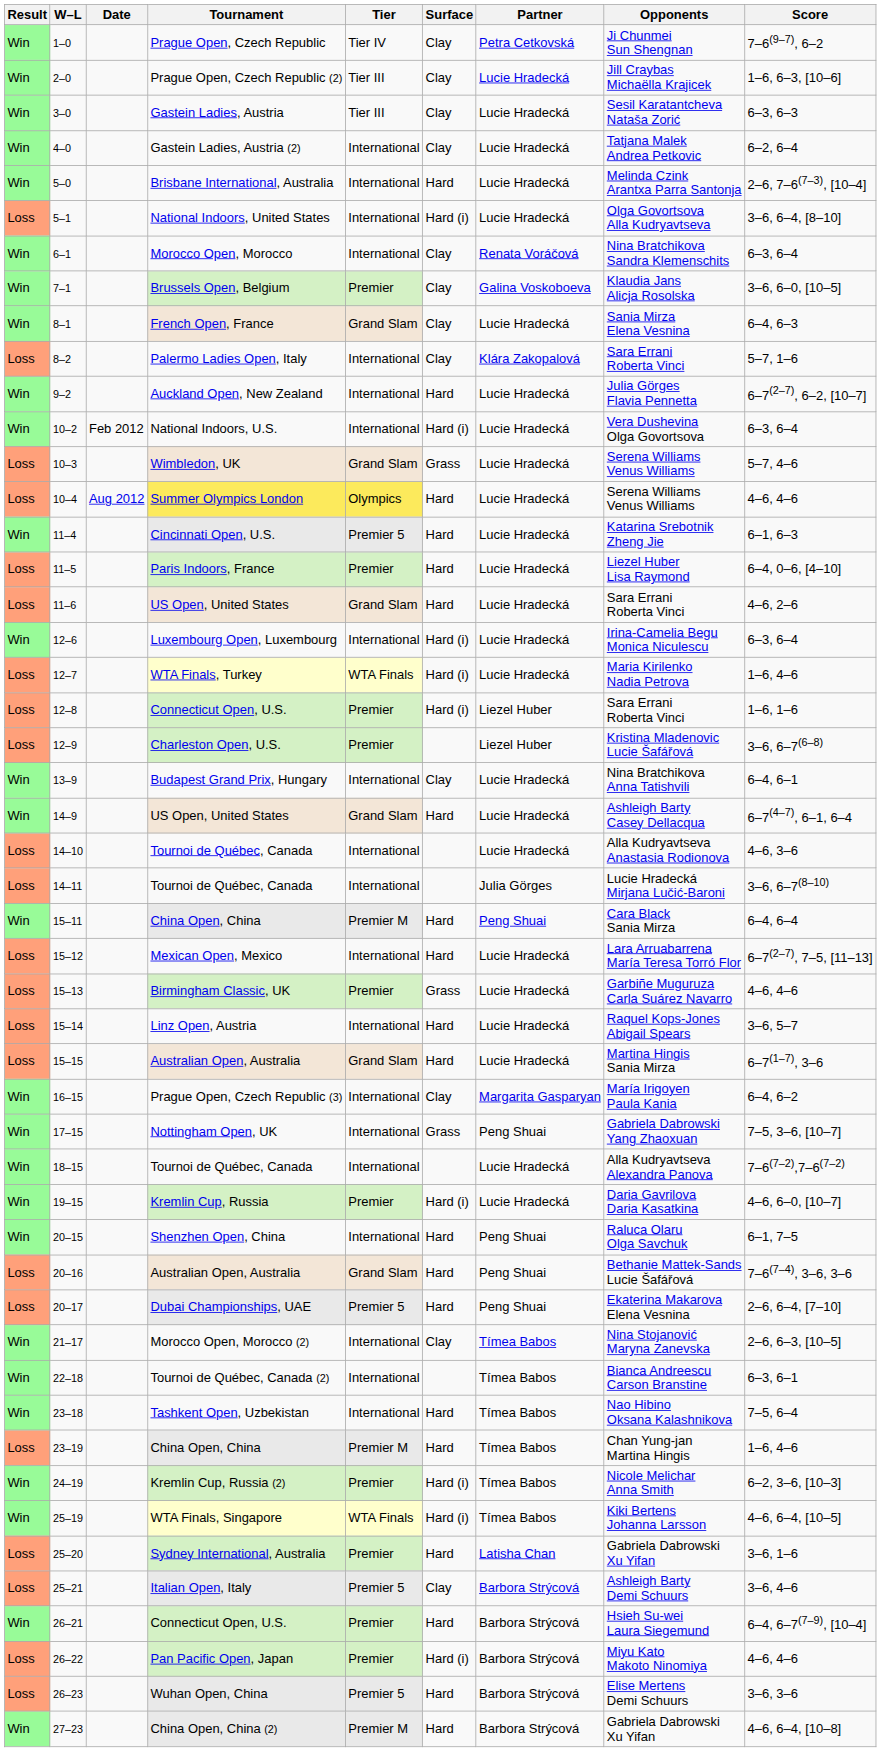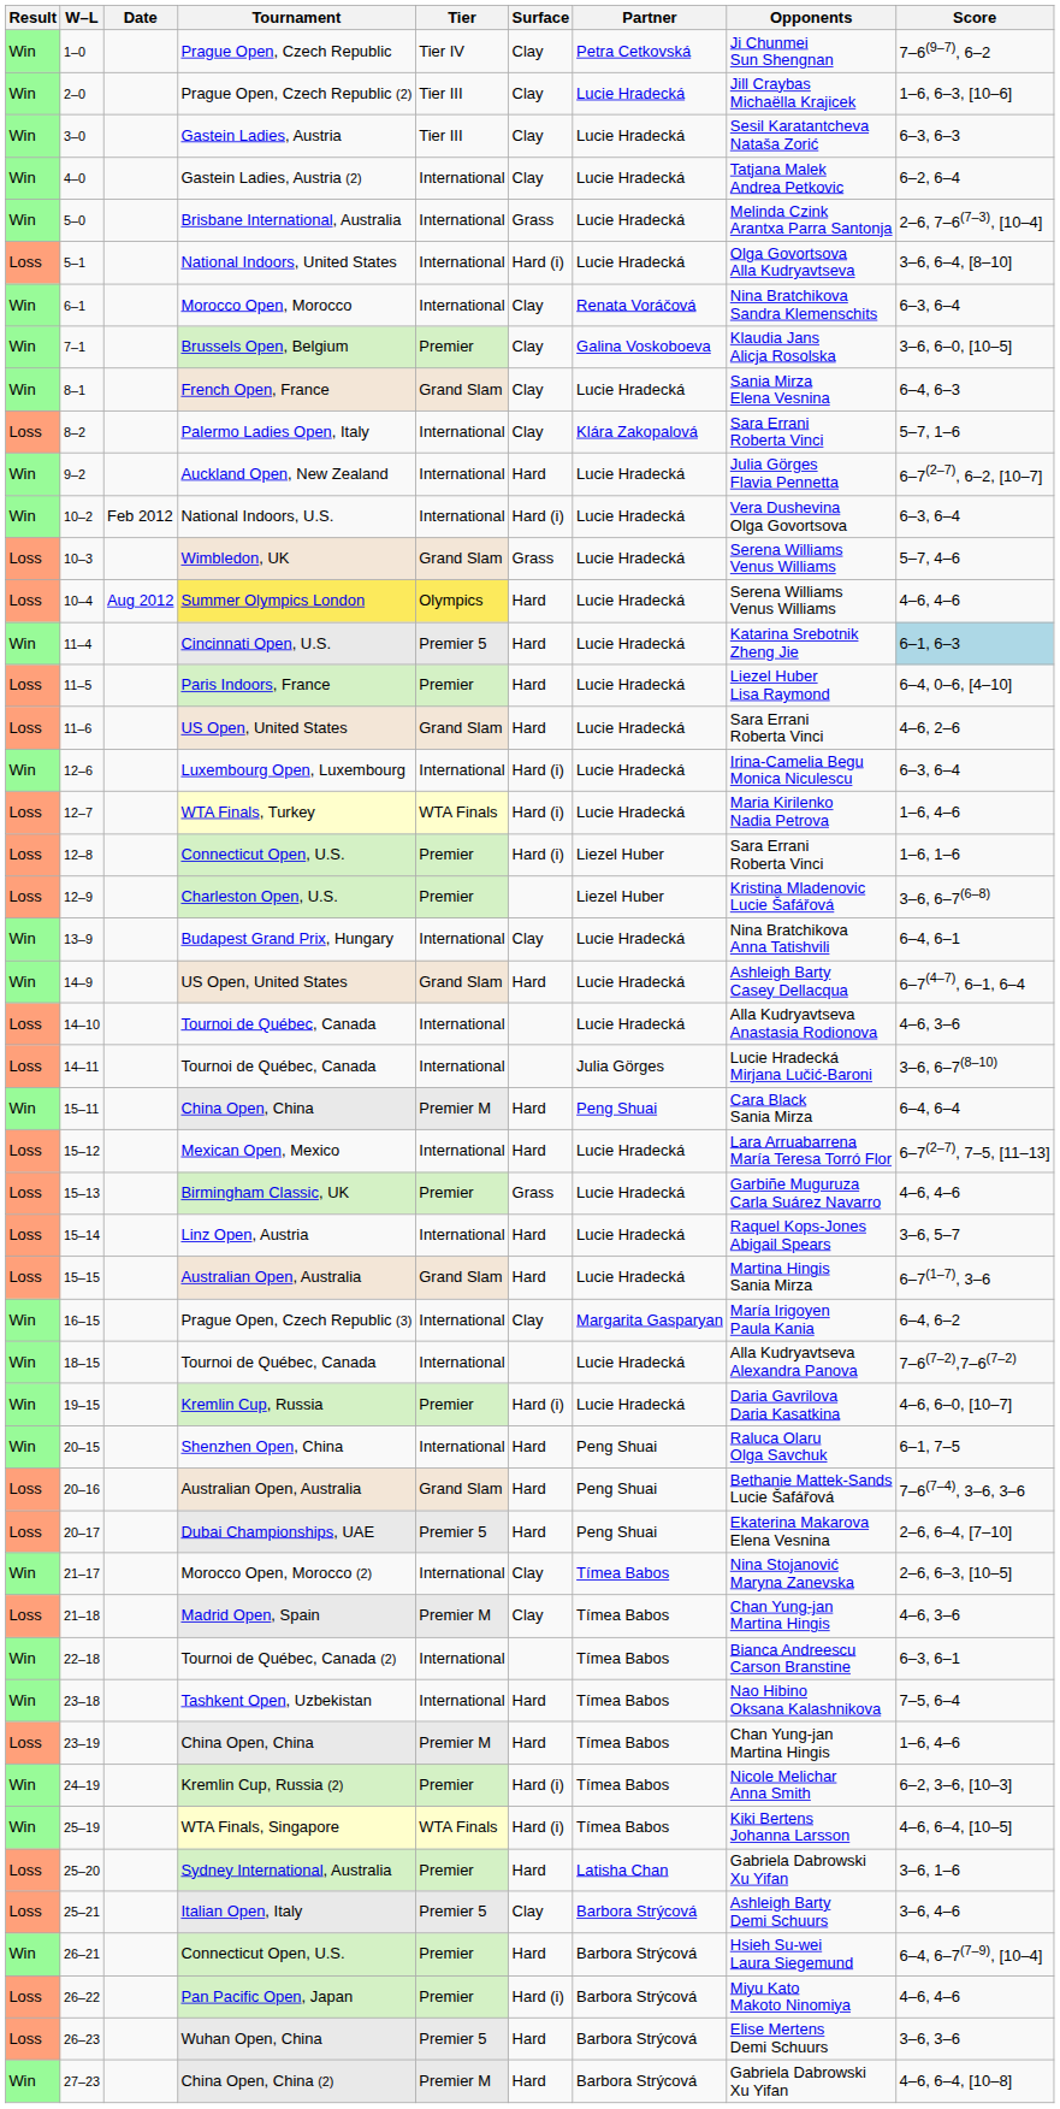 <table class="sortable wikitable">
 <tr>
 <th>Result</th>
 <th class="unsortable">W–L</th>
 <th>Date</th>
 <th>Tournament</th>
 <th>Tier</th>
 <th>Surface</th>
 <th>Partner</th>
 <th>Opponents</th>
 <th class="unsortable">Score</th>
 </tr>
 <tr>
 <td style="background:#98fb98;">Win</td>
 <td><small>1–0</small></td>
 <td><a href='#'></a></td>
 <td><a href='#'>Prague Open</a>, Czech Republic</td>
 <td>Tier IV</td>
 <td>Clay</td>
 <td> <a href='#'>Petra Cetkovská</a></td>
 <td> <a href='#'>Ji Chunmei</a> <br>  <a href='#'>Sun Shengnan</a></td>
 <td>7–6<sup>(9–7)</sup>, 6–2</td>
 </tr>
 <tr>
 <td style="background:#98fb98;">Win</td>
 <td><small>2–0</small></td>
 <td><a href='#'></a></td>
 <td>Prague Open, Czech Republic <small>(2)</small></td>
 <td>Tier III</td>
 <td>Clay</td>
 <td> <a href='#'>Lucie Hradecká</a></td>
 <td> <a href='#'>Jill Craybas</a> <br>  <a href='#'>Michaëlla Krajicek</a></td>
 <td>1–6, 6–3, [10–6]</td>
 </tr>
 <tr>
 <td style="background:#98fb98;">Win</td>
 <td><small>3–0</small></td>
 <td><a href='#'></a></td>
 <td><a href='#'>Gastein Ladies</a>, Austria</td>
 <td>Tier III</td>
 <td>Clay</td>
 <td> Lucie Hradecká</td>
 <td> <a href='#'>Sesil Karatantcheva</a> <br>  <a href='#'>Nataša Zorić</a></td>
 <td>6–3, 6–3</td>
 </tr>
 <tr>
 <td style="background:#98fb98;">Win</td>
 <td><small>4–0</small></td>
 <td><a href='#'></a></td>
 <td>Gastein Ladies, Austria <small>(2)</small></td>
 <td>International</td>
 <td>Clay</td>
 <td> Lucie Hradecká</td>
 <td> <a href='#'>Tatjana Malek</a> <br>  <a href='#'>Andrea Petkovic</a></td>
 <td>6–2, 6–4</td>
 </tr>
 <tr>
 <td style="background:#98fb98;">Win</td>
 <td><small>5–0</small></td>
 <td><a href='#'></a></td>
 <td><a href='#'>Brisbane International</a>, Australia</td>
 <td>International</td>
-<td>Hard</td>
+<td>Grass</td>
 <td> Lucie Hradecká</td>
 <td> <a href='#'>Melinda Czink</a> <br>  <a href='#'>Arantxa Parra Santonja</a></td>
 <td>2–6, 7–6<sup>(7–3)</sup>, [10–4]</td>
 </tr>
 <tr>
 <td style="background:#ffa07a;">Loss</td>
 <td><small>5–1</small></td>
 <td></td>
 <td><a href='#'>National Indoors</a>, United States</td>
 <td>International</td>
 <td>Hard (i)</td>
 <td> Lucie Hradecká</td>
 <td> <a href='#'>Olga Govortsova</a> <br>  <a href='#'>Alla Kudryavtseva</a></td>
 <td>3–6, 6–4, [8–10]</td>
 </tr>
 <tr>
 <td style="background:#98fb98;">Win</td>
 <td><small>6–1</small></td>
 <td><a href='#'></a></td>
 <td><a href='#'>Morocco Open</a>, Morocco</td>
 <td>International</td>
 <td>Clay</td>
 <td> <a href='#'>Renata Voráčová</a></td>
 <td> <a href='#'>Nina Bratchikova</a> <br>  <a href='#'>Sandra Klemenschits</a></td>
 <td>6–3, 6–4</td>
 </tr>
 <tr>
 <td style="background:#98fb98;">Win</td>
 <td><small>7–1</small></td>
 <td><a href='#'></a></td>
 <td style="background:#d4f1c5;"><a href='#'>Brussels Open</a>, Belgium</td>
 <td style="background:#d4f1c5;">Premier</td>
 <td>Clay</td>
 <td> <a href='#'>Galina Voskoboeva</a></td>
 <td> <a href='#'>Klaudia Jans</a> <br>  <a href='#'>Alicja Rosolska</a></td>
 <td>3–6, 6–0, [10–5]</td>
 </tr>
 <tr>
 <td style="background:#98fb98;">Win</td>
 <td><small>8–1</small></td>
 <td><a href='#'></a></td>
 <td style="background:#f3e6d7;"><a href='#'>French Open</a>, France</td>
 <td style="background:#f3e6d7;">Grand Slam</td>
 <td>Clay</td>
 <td> Lucie Hradecká</td>
 <td> <a href='#'>Sania Mirza</a> <br>  <a href='#'>Elena Vesnina</a></td>
 <td>6–4, 6–3</td>
 </tr>
 <tr>
 <td style="background:#ffa07a;">Loss</td>
 <td><small>8–2</small></td>
 <td><a href='#'></a></td>
 <td><a href='#'>Palermo Ladies Open</a>, Italy</td>
 <td>International</td>
 <td>Clay</td>
 <td> <a href='#'>Klára Zakopalová</a></td>
 <td> <a href='#'>Sara Errani</a> <br>  <a href='#'>Roberta Vinci</a></td>
 <td>5–7, 1–6</td>
 </tr>
 <tr>
 <td style="background:#98fb98;">Win</td>
 <td><small>9–2</small></td>
 <td><a href='#'></a></td>
 <td><a href='#'>Auckland Open</a>, New Zealand</td>
 <td>International</td>
 <td>Hard</td>
 <td> Lucie Hradecká</td>
 <td> <a href='#'>Julia Görges</a> <br>  <a href='#'>Flavia Pennetta</a></td>
 <td>6–7<sup>(2–7)</sup>, 6–2, [10–7]</td>
 </tr>
 <tr>
 <td style="background:#98fb98;">Win</td>
 <td><small>10–2</small></td>
 <td>Feb 2012</td>
 <td>National Indoors, U.S.</td>
 <td>International</td>
 <td>Hard (i)</td>
 <td> Lucie Hradecká</td>
 <td> <a href='#'>Vera Dushevina</a> <br>  Olga Govortsova</td>
 <td>6–3, 6–4</td>
 </tr>
 <tr>
 <td style="background:#ffa07a;">Loss</td>
 <td><small>10–3</small></td>
 <td><a href='#'></a></td>
 <td style="background:#f3e6d7;"><a href='#'>Wimbledon</a>, UK</td>
 <td style="background:#f3e6d7;">Grand Slam</td>
 <td>Grass</td>
 <td> Lucie Hradecká</td>
 <td> <a href='#'>Serena Williams</a> <br>  <a href='#'>Venus Williams</a></td>
 <td>5–7, 4–6</td>
 </tr>
 <tr>
 <td bgcolor=ffa07a>Loss</td>
 <td><small>10–4</small></td>
 <td><a href='#'>Aug 2012</a></td>
 <td style="background:#fcea5c;"><a href='#'>Summer Olympics London</a></td>
 <td style="background:#fcea5c;">Olympics</td>
 <td>Hard</td>
 <td> Lucie Hradecká</td>
 <td> Serena Williams <br>  Venus Williams</td>
 <td>4–6, 4–6</td>
 </tr>
 <tr>
 <td style="background:#98fb98;">Win</td>
 <td><small>11–4</small></td>
 <td><a href='#'></a></td>
 <td style="background:#e9e9e9;"><a href='#'>Cincinnati Open</a>, U.S.</td>
 <td style="background:#e9e9e9;">Premier 5</td>
 <td>Hard</td>
 <td> Lucie Hradecká</td>
 <td> <a href='#'>Katarina Srebotnik</a> <br>  <a href='#'>Zheng Jie</a></td>
-<td>6–1, 6–3</td>
+<td style="background: lightblue;">6–1, 6–3</td>
 </tr>
 <tr>
 <td style="background:#ffa07a;">Loss</td>
 <td><small>11–5</small></td>
 <td><a href='#'></a></td>
 <td style="background:#d4f1c5;"><a href='#'>Paris Indoors</a>, France</td>
 <td style="background:#d4f1c5;">Premier</td>
 <td>Hard</td>
 <td> Lucie Hradecká</td>
 <td> <a href='#'>Liezel Huber</a> <br>  <a href='#'>Lisa Raymond</a></td>
 <td>6–4, 0–6, [4–10]</td>
 </tr>
 <tr>
 <td style="background:#ffa07a;">Loss</td>
 <td><small>11–6</small></td>
 <td><a href='#'></a></td>
 <td style="background:#f3e6d7;"><a href='#'>US Open</a>, United States</td>
 <td style="background:#f3e6d7;">Grand Slam</td>
 <td>Hard</td>
 <td> Lucie Hradecká</td>
 <td> Sara Errani <br>  Roberta Vinci</td>
 <td>4–6, 2–6</td>
 </tr>
 <tr>
 <td style="background:#98fb98;">Win</td>
 <td><small>12–6</small></td>
 <td><a href='#'></a></td>
 <td><a href='#'>Luxembourg Open</a>, Luxembourg</td>
 <td>International</td>
 <td>Hard (i)</td>
 <td> Lucie Hradecká</td>
 <td> <a href='#'>Irina-Camelia Begu</a> <br>  <a href='#'>Monica Niculescu</a></td>
 <td>6–3, 6–4</td>
 </tr>
 <tr>
 <td style="background:#ffa07a;">Loss</td>
 <td><small>12–7</small></td>
 <td><a href='#'></a></td>
 <td style="background:#ffc;"><a href='#'>WTA Finals</a>, Turkey</td>
 <td style="background:#ffc;">WTA Finals</td>
 <td>Hard (i)</td>
 <td> Lucie Hradecká</td>
 <td> <a href='#'>Maria Kirilenko</a> <br>  <a href='#'>Nadia Petrova</a></td>
 <td>1–6, 4–6</td>
 </tr>
 <tr>
 <td style="background:#ffa07a;">Loss</td>
 <td><small>12–8</small></td>
 <td><a href='#'></a></td>
 <td style="background:#d4f1c5;"><a href='#'>Connecticut Open</a>, U.S.</td>
 <td style="background:#d4f1c5;">Premier</td>
 <td>Hard (i)</td>
 <td> Liezel Huber</td>
 <td> Sara Errani <br>  Roberta Vinci</td>
 <td>1–6, 1–6</td>
 </tr>
 <tr>
 <td style="background:#ffa07a;">Loss</td>
 <td><small>12–9</small></td>
 <td><a href='#'></a></td>
 <td style="background:#d4f1c5;"><a href='#'>Charleston Open</a>, U.S.</td>
 <td style="background:#d4f1c5;">Premier</td>
 <td></td>
 <td> Liezel Huber</td>
 <td> <a href='#'>Kristina Mladenovic</a> <br>  <a href='#'>Lucie Šafářová</a></td>
 <td>3–6, 6–7<sup>(6–8)</sup></td>
 </tr>
 <tr>
 <td style="background:#98fb98;">Win</td>
 <td><small>13–9</small></td>
 <td><a href='#'></a></td>
 <td><a href='#'>Budapest Grand Prix</a>, Hungary</td>
 <td>International</td>
 <td>Clay</td>
 <td> Lucie Hradecká</td>
 <td> Nina Bratchikova <br>  <a href='#'>Anna Tatishvili</a></td>
 <td>6–4, 6–1</td>
 </tr>
 <tr>
 <td style="background:#98fb98;">Win</td>
 <td><small>14–9</small></td>
 <td><a href='#'></a></td>
 <td style="background:#f3e6d7;">US Open, United States</td>
 <td style="background:#f3e6d7;">Grand Slam</td>
 <td>Hard</td>
 <td> Lucie Hradecká</td>
 <td> <a href='#'>Ashleigh Barty</a> <br>  <a href='#'>Casey Dellacqua</a></td>
 <td>6–7<sup>(4–7)</sup>, 6–1, 6–4</td>
 </tr>
 <tr>
 <td style="background:#ffa07a;">Loss</td>
 <td><small>14–10</small></td>
 <td><a href='#'></a></td>
 <td><a href='#'>Tournoi de Québec</a>, Canada</td>
 <td>International</td>
 <td></td>
 <td> Lucie Hradecká</td>
 <td> Alla Kudryavtseva <br>  <a href='#'>Anastasia Rodionova</a></td>
 <td>4–6, 3–6</td>
 </tr>
 <tr>
 <td style="background:#ffa07a;">Loss</td>
 <td><small>14–11</small></td>
 <td><a href='#'></a></td>
 <td>Tournoi de Québec, Canada</td>
 <td>International</td>
 <td></td>
 <td> Julia Görges</td>
 <td> Lucie Hradecká <br>  <a href='#'>Mirjana Lučić-Baroni</a></td>
 <td>3–6, 6–7<sup>(8–10)</sup></td>
 </tr>
 <tr>
 <td style="background:#98fb98;">Win</td>
 <td><small>15–11</small></td>
 <td><a href='#'></a></td>
 <td style="background:#e9e9e9;"><a href='#'>China Open</a>, China</td>
 <td style="background:#e9e9e9;">Premier M</td>
 <td>Hard</td>
 <td> <a href='#'>Peng Shuai</a></td>
 <td> <a href='#'>Cara Black</a> <br>  Sania Mirza</td>
 <td>6–4, 6–4</td>
 </tr>
 <tr>
 <td style="background:#ffa07a;">Loss</td>
 <td><small>15–12</small></td>
 <td><a href='#'></a></td>
 <td><a href='#'>Mexican Open</a>, Mexico</td>
 <td>International</td>
 <td>Hard</td>
 <td> Lucie Hradecká</td>
 <td> <a href='#'>Lara Arruabarrena</a> <br>  <a href='#'>María Teresa Torró Flor</a></td>
 <td>6–7<sup>(2–7)</sup>, 7–5, [11–13]</td>
 </tr>
 <tr>
 <td style="background:#ffa07a;">Loss</td>
 <td><small>15–13</small></td>
 <td><a href='#'></a></td>
 <td bgcolor=d4f1c5><a href='#'>Birmingham Classic</a>, UK</td>
 <td bgcolor=d4f1c5>Premier</td>
 <td>Grass</td>
 <td> Lucie Hradecká</td>
 <td> <a href='#'>Garbiñe Muguruza</a> <br>  <a href='#'>Carla Suárez Navarro</a></td>
 <td>4–6, 4–6</td>
 </tr>
 <tr>
 <td style="background:#ffa07a;">Loss</td>
 <td><small>15–14</small></td>
 <td><a href='#'></a></td>
 <td><a href='#'>Linz Open</a>, Austria</td>
 <td>International</td>
 <td>Hard</td>
 <td> Lucie Hradecká</td>
 <td> <a href='#'>Raquel Kops-Jones</a> <br>  <a href='#'>Abigail Spears</a></td>
 <td>3–6, 5–7</td>
 </tr>
 <tr>
 <td style="background:#ffa07a;">Loss</td>
 <td><small>15–15</small></td>
 <td><a href='#'></a></td>
 <td bgcolor=f3e6d7><a href='#'>Australian Open</a>, Australia</td>
 <td bgcolor=f3e6d7>Grand Slam</td>
 <td>Hard</td>
 <td> Lucie Hradecká</td>
 <td> <a href='#'>Martina Hingis</a> <br>  Sania Mirza</td>
 <td>6–7<sup>(1–7)</sup>, 3–6</td>
 </tr>
 <tr>
 <td style="background:#98fb98;">Win</td>
 <td><small>16–15</small></td>
 <td><a href='#'></a></td>
 <td>Prague Open, Czech Republic <small>(3)</small></td>
 <td>International</td>
 <td>Clay</td>
 <td> <a href='#'>Margarita Gasparyan</a></td>
 <td> <a href='#'>María Irigoyen</a> <br>  <a href='#'>Paula Kania</a></td>
 <td>6–4, 6–2</td>
 </tr>
 <tr>
-<td bgcolor=98fb98>Win</td>
-<td><small>17–15</small></td>
-<td><a href='#'></a></td>
-<td><a href='#'>Nottingham Open</a>, UK</td>
-<td>International</td>
-<td>Grass</td>
-<td> Peng Shuai</td>
-<td> <a href='#'>Gabriela Dabrowski</a> <br>  <a href='#'>Yang Zhaoxuan</a></td>
-<td>7–5, 3–6, [10–7]</td>
-</tr>
-<tr>
 <td style="background:#98fb98;">Win</td>
 <td><small>18–15</small></td>
 <td><a href='#'></a></td>
 <td>Tournoi de Québec, Canada</td>
 <td>International</td>
 <td></td>
 <td> Lucie Hradecká</td>
 <td> Alla Kudryavtseva <br>  <a href='#'>Alexandra Panova</a></td>
 <td>7–6<sup>(7–2)</sup>,7–6<sup>(7–2)</sup></td>
 </tr>
 <tr>
 <td style="background:#98fb98;">Win</td>
 <td><small>19–15</small></td>
 <td><a href='#'></a></td>
 <td style="background:#d4f1c5;"><a href='#'>Kremlin Cup</a>, Russia</td>
 <td style="background:#d4f1c5;">Premier</td>
 <td>Hard (i)</td>
 <td> Lucie Hradecká</td>
 <td> <a href='#'>Daria Gavrilova</a> <br>  <a href='#'>Daria Kasatkina</a></td>
 <td>4–6, 6–0, [10–7]</td>
 </tr>
 <tr>
 <td style="background:#98FB98">Win</td>
 <td><small>20–15</small></td>
 <td><a href='#'></a></td>
 <td><a href='#'>Shenzhen Open</a>, China</td>
 <td>International</td>
 <td>Hard</td>
 <td> Peng Shuai</td>
 <td> <a href='#'>Raluca Olaru</a> <br>  <a href='#'>Olga Savchuk</a></td>
 <td>6–1, 7–5</td>
 </tr>
 <tr>
 <td style="background:#ffa07a;">Loss</td>
 <td><small>20–16</small></td>
 <td><a href='#'></a></td>
 <td bgcolor=f3e6d7>Australian Open, Australia</td>
 <td bgcolor=f3e6d7>Grand Slam</td>
 <td>Hard</td>
 <td> Peng Shuai</td>
 <td> <a href='#'>Bethanie Mattek-Sands</a> <br>  Lucie Šafářová</td>
 <td>7–6<sup>(7–4)</sup>, 3–6, 3–6</td>
 </tr>
 <tr>
 <td style="background:#ffa07a;">Loss</td>
 <td><small>20–17</small></td>
 <td><a href='#'></a></td>
 <td bgcolor=e9e9e9><a href='#'>Dubai Championships</a>, UAE</td>
 <td bgcolor=e9e9e9>Premier 5</td>
 <td>Hard</td>
 <td> Peng Shuai</td>
 <td> <a href='#'>Ekaterina Makarova</a> <br>  Elena Vesnina</td>
 <td>2–6, 6–4, [7–10]</td>
 </tr>
 <tr>
 <td bgcolor=98FB98>Win</td>
 <td><small>21–17</small></td>
 <td><a href='#'></a></td>
 <td>Morocco Open, Morocco <small>(2)</small></td>
 <td>International</td>
 <td>Clay</td>
 <td> <a href='#'>Tímea Babos</a></td>
 <td> <a href='#'>Nina Stojanović</a> <br>  <a href='#'>Maryna Zanevska</a></td>
 <td>2–6, 6–3, [10–5]</td>
+</tr>
+<tr>
+<td bgcolor=FFA07A>Loss</td>
+<td><small>21–18</small></td>
+<td><a href='#'></a></td>
+<td bgcolor=e9e9e9><a href='#'>Madrid Open</a>, Spain</td>
+<td bgcolor=e9e9e9>Premier M</td>
+<td>Clay</td>
+<td> Tímea Babos</td>
+<td> <a href='#'>Chan Yung-jan</a> <br>  <a href='#'>Martina Hingis</a></td>
+<td>4–6, 3–6</td>
 </tr>
 <tr>
 <td bgcolor=98FB98>Win</td>
 <td><small>22–18</small></td>
 <td><a href='#'></a></td>
 <td>Tournoi de Québec, Canada <small>(2)</small></td>
 <td>International</td>
 <td></td>
 <td> Tímea Babos</td>
 <td> <a href='#'>Bianca Andreescu</a> <br>  <a href='#'>Carson Branstine</a></td>
 <td>6–3, 6–1</td>
 </tr>
 <tr>
 <td bgcolor=98FB98>Win</td>
 <td><small>23–18</small></td>
 <td><a href='#'></a></td>
 <td><a href='#'>Tashkent Open</a>, Uzbekistan</td>
 <td>International</td>
 <td>Hard</td>
 <td> Tímea Babos</td>
 <td> <a href='#'>Nao Hibino</a> <br>  <a href='#'>Oksana Kalashnikova</a></td>
 <td>7–5, 6–4</td>
 </tr>
 <tr>
 <td style="background:#ffa07a;">Loss</td>
 <td><small>23–19</small></td>
 <td><a href='#'></a></td>
 <td bgcolor=e9e9e9>China Open, China</td>
 <td bgcolor=e9e9e9>Premier M</td>
 <td>Hard</td>
 <td> Tímea Babos</td>
 <td> Chan Yung-jan <br>  Martina Hingis</td>
 <td>1–6, 4–6</td>
 </tr>
 <tr>
 <td style="background:#98fb98;">Win</td>
 <td><small>24–19</small></td>
 <td><a href='#'></a></td>
 <td style="background:#d4f1c5;">Kremlin Cup, Russia <small>(2)</small></td>
 <td style="background:#d4f1c5;">Premier</td>
 <td>Hard (i)</td>
 <td> Tímea Babos</td>
 <td> <a href='#'>Nicole Melichar</a> <br>  <a href='#'>Anna Smith</a></td>
 <td>6–2, 3–6, [10–3]</td>
 </tr>
 <tr>
 <td bgcolor=98FB98>Win</td>
 <td><small>25–19</small></td>
 <td><a href='#'></a></td>
 <td style="background:#ffc;">WTA Finals, Singapore</td>
 <td style="background:#ffc;">WTA Finals</td>
 <td>Hard (i)</td>
 <td> Tímea Babos</td>
 <td> <a href='#'>Kiki Bertens</a> <br>  <a href='#'>Johanna Larsson</a></td>
 <td>4–6, 6–4, [10–5]</td>
 </tr>
 <tr>
 <td bgcolor=FFA07A>Loss</td>
 <td><small>25–20</small></td>
 <td><a href='#'></a></td>
 <td bgcolor=d4f1c5><a href='#'>Sydney International</a>, Australia</td>
 <td bgcolor=d4f1c5>Premier</td>
 <td>Hard</td>
 <td> <a href='#'>Latisha Chan</a></td>
 <td> Gabriela Dabrowski <br>  <a href='#'>Xu Yifan</a></td>
 <td>3–6, 1–6</td>
 </tr>
 <tr>
 <td bgcolor=FFA07A>Loss</td>
 <td><small>25–21</small></td>
 <td><a href='#'></a></td>
 <td bgcolor=e9e9e9><a href='#'>Italian Open</a>, Italy</td>
 <td bgcolor=e9e9e9>Premier 5</td>
 <td>Clay</td>
 <td> <a href='#'>Barbora Strýcová</a></td>
 <td> <a href='#'>Ashleigh Barty</a> <br>  <a href='#'>Demi Schuurs</a></td>
 <td>3–6, 4–6</td>
 </tr>
 <tr>
 <td bgcolor=98FB98>Win</td>
 <td><small>26–21</small></td>
 <td><a href='#'></a></td>
 <td bgcolor=d4f1c5>Connecticut Open, U.S.</td>
 <td bgcolor=d4f1c5>Premier</td>
 <td>Hard</td>
 <td> Barbora Strýcová</td>
 <td> <a href='#'>Hsieh Su-wei</a> <br>  <a href='#'>Laura Siegemund</a></td>
 <td>6–4, 6–7<sup>(7–9)</sup>, [10–4]</td>
 </tr>
 <tr>
 <td bgcolor=FFA07A>Loss</td>
 <td><small>26–22</small></td>
 <td><a href='#'></a></td>
 <td bgcolor=d4f1c5><a href='#'>Pan Pacific Open</a>, Japan</td>
 <td bgcolor=d4f1c5>Premier</td>
 <td>Hard (i)</td>
 <td> Barbora Strýcová</td>
 <td> <a href='#'>Miyu Kato</a> <br>  <a href='#'>Makoto Ninomiya</a></td>
 <td>4–6, 4–6</td>
 </tr>
 <tr>
 <td bgcolor=FFA07A>Loss</td>
 <td><small>26–23</small></td>
 <td><a href='#'></a></td>
 <td bgcolor=e9e9e9>Wuhan Open, China</td>
 <td bgcolor=e9e9e9>Premier 5</td>
 <td>Hard</td>
 <td> Barbora Strýcová</td>
 <td> <a href='#'>Elise Mertens</a> <br>  Demi Schuurs</td>
 <td>3–6, 3–6</td>
 </tr>
 <tr>
 <td style="background:#98fb98;">Win</td>
 <td><small>27–23</small></td>
 <td><a href='#'></a></td>
 <td bgcolor=e9e9e9>China Open, China <small>(2)</small></td>
 <td bgcolor=e9e9e9>Premier M</td>
 <td>Hard</td>
 <td> Barbora Strýcová</td>
 <td> Gabriela Dabrowski <br>  Xu Yifan</td>
 <td>4–6, 6–4, [10–8]</td>
 </tr>
 </table>
